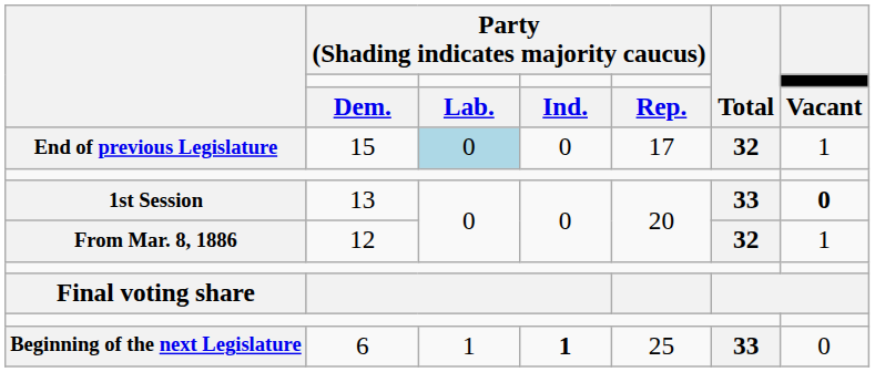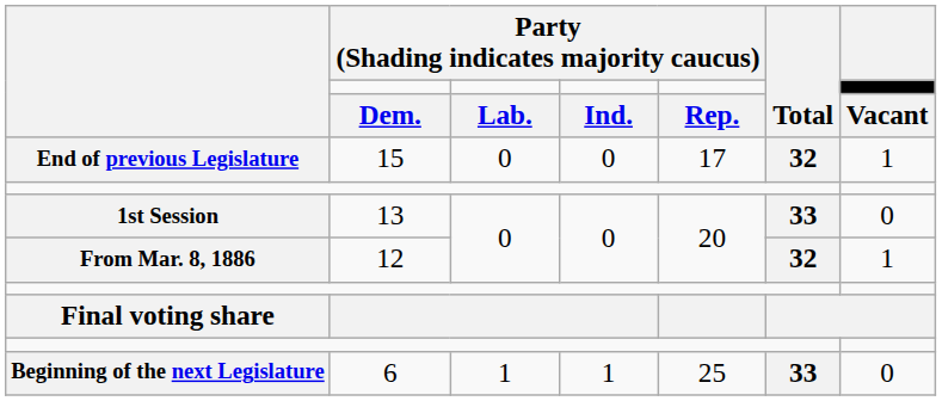 <table class=wikitable style="text-align:center">
 <tr style="vertical-align:bottom;">
 <th rowspan=3></th>
 <th colspan=4>Party <div>(Shading indicates majority caucus)</div></th>
 <th rowspan=3>Total</th>
 <th></th>
 </tr>
 <tr style="height:5px">
 <td style="background-color:"></td>
 <td style="background-color:"></td>
 <td style="background-color:"></td>
 <td style="background-color:"></td>
 <td style="background:black;"></td>
 </tr>
 <tr>
 <th><a href='#'>Dem.</a></th>
 <th><a href='#'>Lab.</a></th>
 <th><a href='#'>Ind.</a></th>
 <th><a href='#'>Rep.</a></th>
 <th>Vacant</th>
 </tr>
 <tr>
 <th style="font-size:80%;">End of <a href='#'>previous Legislature</a></th>
 <td>15</td>
-<td style="background: lightblue;">0</td>
+<td>0</td>
 <td>0</td>
 <td>17</td>
 <th>32</th>
 <td>1</td>
 </tr>
 <tr>
 <td colspan=6></td>
 </tr>
 <tr>
 <th style="font-size:80%;">1st Session</th>
 <td>13</td>
 <td rowspan="2">0</td>
 <td rowspan="2">0</td>
 <td rowspan="2" >20</td>
 <th>33</th>
-<td><strong>0</strong></td>
+<td>0</td>
 </tr>
 <tr>
 <th style="font-size:80%;">From Mar. 8, 1886</th>
 <td>12</td>
 <th>32</th>
 <td>1</td>
 </tr>
 <tr>
 <td colspan=6></td>
 </tr>
 <tr>
 <th>Final voting share</th>
 <th colspan="3"></th>
 <th></th>
 <th colspan=2></th>
 </tr>
 <tr>
 <td colspan=6></td>
 </tr>
 <tr>
 <th style="font-size:80%;">Beginning of the <a href='#'>next Legislature</a></th>
 <td>6</td>
 <td>1</td>
-<td><strong>1</strong></td>
+<td>1</td>
 <td>25</td>
 <th>33</th>
 <td>0</td>
 </tr>
 </table>
